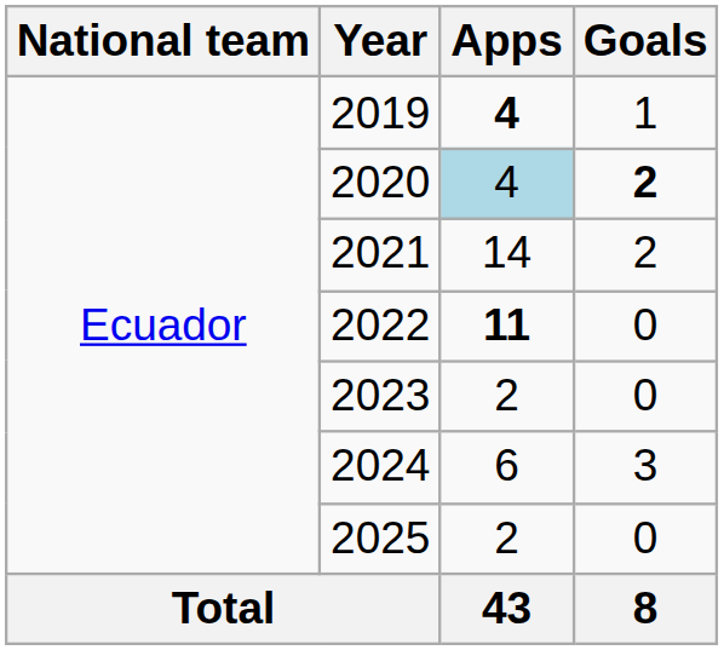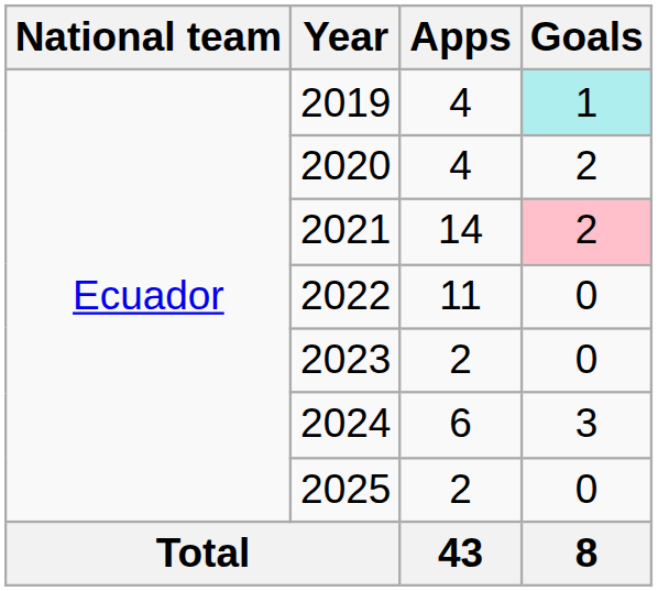 <table class="wikitable" style="text-align:center">
 <tr>
 <th>National team</th>
 <th>Year</th>
 <th>Apps</th>
 <th>Goals</th>
 </tr>
 <tr>
 <td rowspan=7><a href='#'>Ecuador</a></td>
 <td>2019</td>
-<td><strong>4</strong></td>
-<td>1</td>
+<td>4</td>
+<td style="background: paleturquoise;">1</td>
 </tr>
 <tr>
 <td>2020</td>
-<td style="background: lightblue;">4</td>
-<td><strong>2</strong></td>
+<td>4</td>
+<td>2</td>
 </tr>
 <tr>
 <td>2021</td>
 <td>14</td>
-<td>2</td>
+<td style="background: pink;">2</td>
 </tr>
 <tr>
 <td>2022</td>
-<td><strong>11</strong></td>
+<td>11</td>
 <td>0</td>
 </tr>
 <tr>
 <td>2023</td>
 <td>2</td>
 <td>0</td>
 </tr>
 <tr>
 <td>2024</td>
 <td>6</td>
 <td>3</td>
 </tr>
 <tr>
 <td>2025</td>
 <td>2</td>
 <td>0</td>
 </tr>
 <tr>
 <th colspan=2>Total</th>
 <th>43</th>
 <th>8</th>
 </tr>
 </table>
